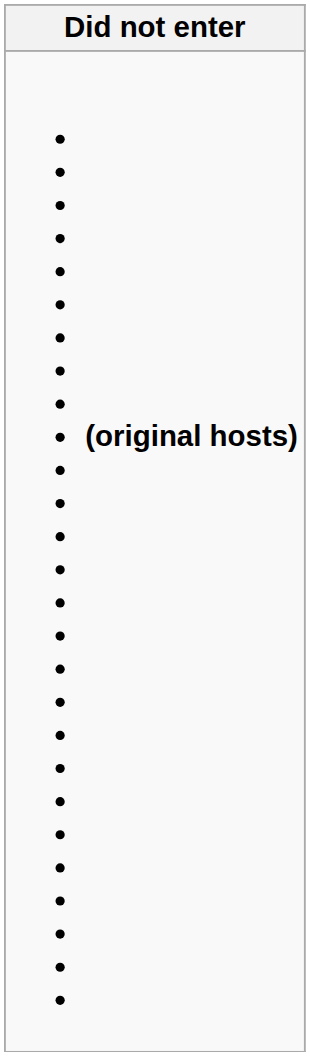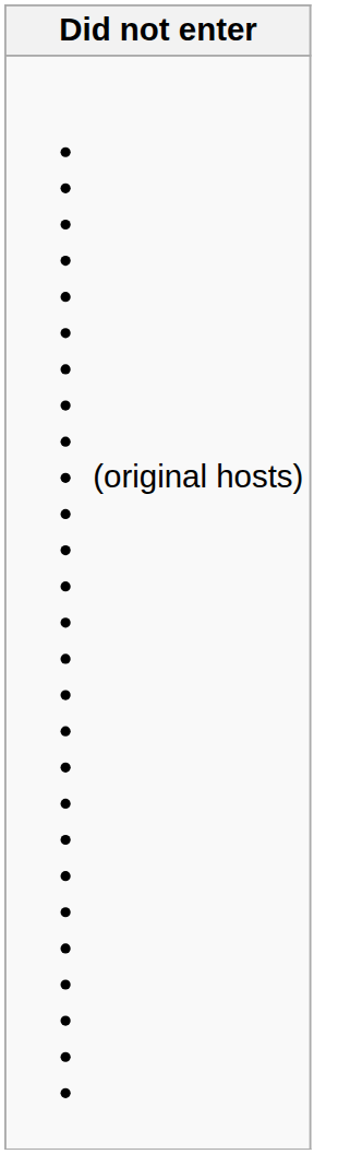 <table class="wikitable collapsible collapsed">
 <tr>
 <th>Did not enter</th>
 </tr>
 <tr>
-<td><strong><br><ul><li></li><li></li><li></li><li></li><li></li><li></li><li></li><li></li><li></li><li> (original hosts)</li><li></li><li></li><li></li><li></li><li></li><li></li><li></li><li></li><li></li><li></li><li></li><li></li><li></li><li></li><li></li><li></li><li></li></ul></strong></td>
+<td><br><ul><li></li><li></li><li></li><li></li><li></li><li></li><li></li><li></li><li></li><li> (original hosts)</li><li></li><li></li><li></li><li></li><li></li><li></li><li></li><li></li><li></li><li></li><li></li><li></li><li></li><li></li><li></li><li></li><li></li></ul></td>
 </tr>
 </table>
